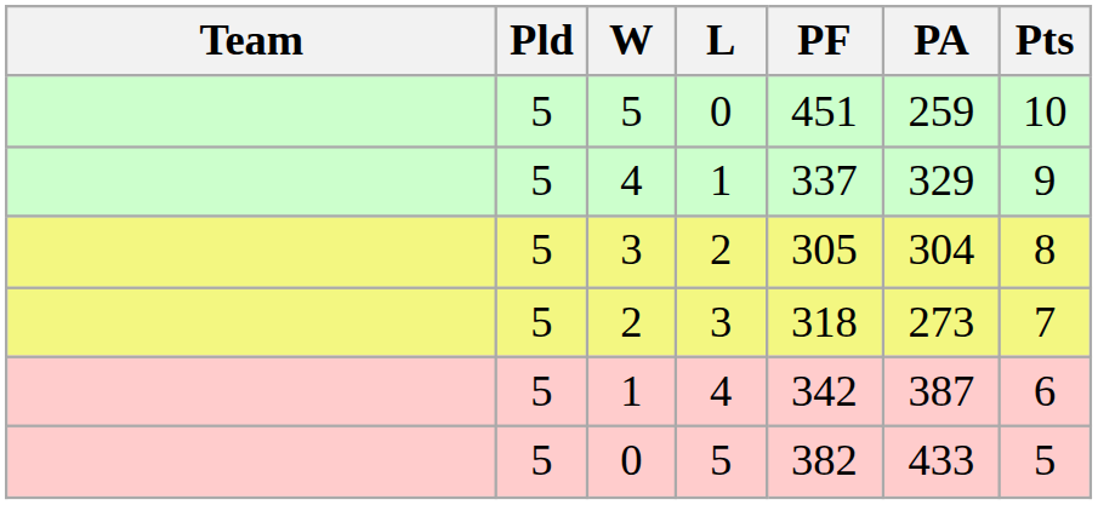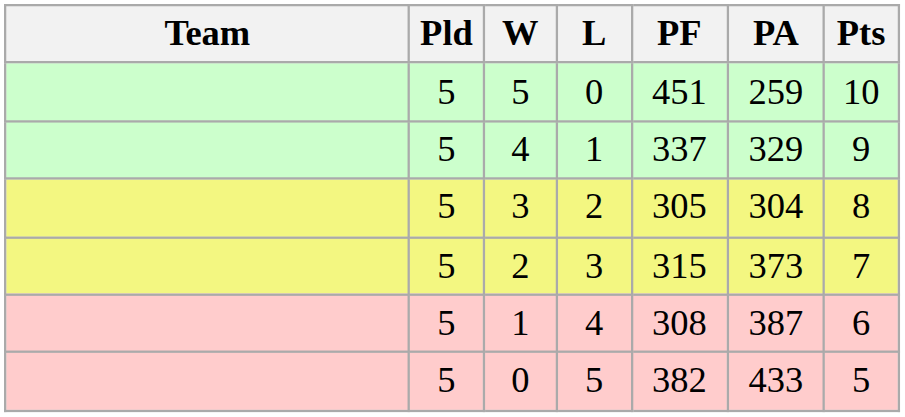 <table class="wikitable" style="text-align:center;">
 <tr>
 <th width=170>Team</th>
 <th width=25>Pld</th>
 <th width=25>W</th>
 <th width=25>L</th>
 <th width=35>PF</th>
 <th width=35>PA</th>
 <th width=25>Pts</th>
 </tr>
 <tr bgcolor=#ccffcc>
 <td align="left"></td>
 <td>5</td>
 <td>5</td>
 <td>0</td>
 <td>451</td>
 <td>259</td>
 <td>10</td>
 </tr>
 <tr bgcolor=#ccffcc>
 <td align="left"></td>
 <td>5</td>
 <td>4</td>
 <td>1</td>
 <td>337</td>
 <td>329</td>
 <td>9</td>
 </tr>
 <tr bgcolor=#F3F781>
 <td align="left"></td>
 <td>5</td>
 <td>3</td>
 <td>2</td>
 <td>305</td>
 <td>304</td>
 <td>8</td>
 </tr>
 <tr bgcolor=#F3F781>
 <td align="left"></td>
 <td>5</td>
 <td>2</td>
 <td>3</td>
-<td>318</td>
-<td>273</td>
+<td>315</td>
+<td>373</td>
 <td>7</td>
 </tr>
 <tr bgcolor=#ffcccc>
 <td align="left"></td>
 <td>5</td>
 <td>1</td>
 <td>4</td>
-<td>342</td>
+<td>308</td>
 <td>387</td>
 <td>6</td>
 </tr>
 <tr bgcolor=#ffcccc>
 <td align="left"></td>
 <td>5</td>
 <td>0</td>
 <td>5</td>
 <td>382</td>
 <td>433</td>
 <td>5</td>
 </tr>
 </table>
